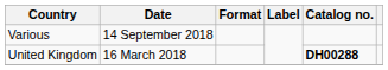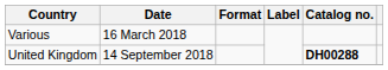 <table class="wikitable">
 <tr>
 <th>Country</th>
 <th>Date</th>
 <th>Format</th>
 <th>Label</th>
 <th>Catalog no.</th>
 <th></th>
 </tr>
 <tr>
 <td rowspan="1">Various</td>
-<td rowspan="1">14 September 2018</td>
+<td rowspan="1">16 March 2018</td>
 <td rowspan="1"></td>
 <td rowspan="2"></td>
 <td></td>
 <td></td>
 </tr>
 <tr>
 <td rowspan="1">United Kingdom</td>
-<td rowspan="1">16 March 2018</td>
+<td rowspan="1">14 September 2018</td>
 <td rowspan="1"></td>
 <td><strong>DH00288</strong></td>
 <td></td>
 </tr>
 <tr>
 </tr>
 </table>
